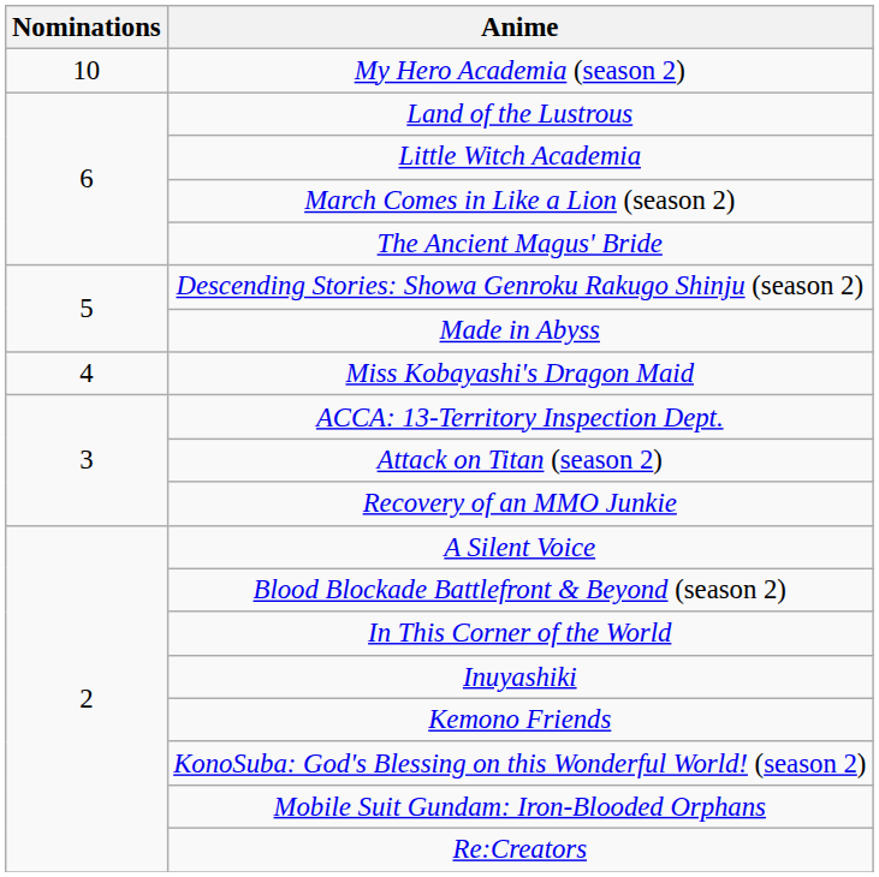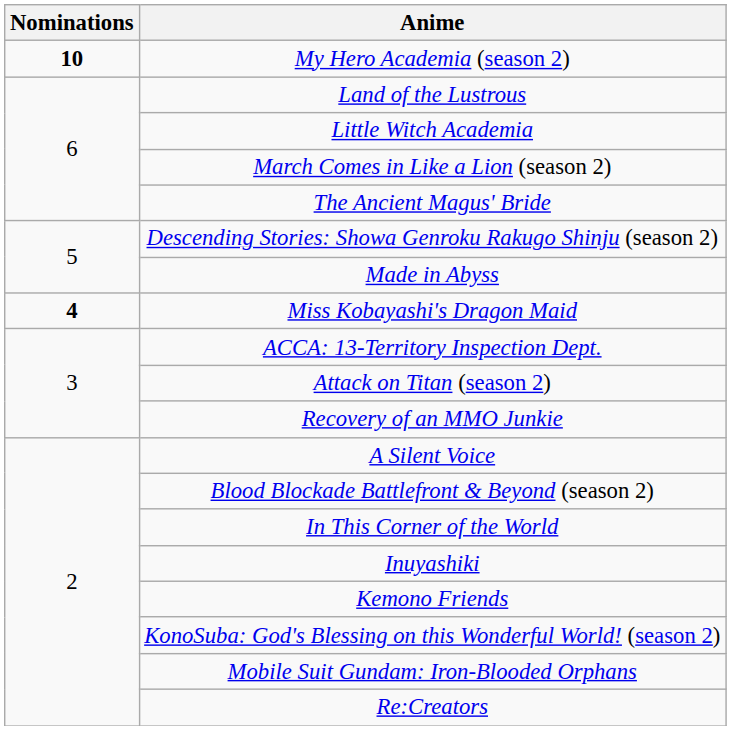 <table class="wikitable" style="text-align:center;">
 <tr>
 <th scope="col" width="55">Nominations</th>
 <th scope="col" align="center">Anime</th>
 </tr>
 <tr>
-<td>10</td>
+<td><strong>10</strong></td>
 <td><em><a href='#'>My Hero Academia</a></em> (<a href='#'>season 2</a>)</td>
 </tr>
 <tr>
 <td rowspan="4">6</td>
 <td><em><a href='#'>Land of the Lustrous</a></em></td>
 </tr>
 <tr>
 <td><em><a href='#'>Little Witch Academia</a></em></td>
 </tr>
 <tr>
 <td><em><a href='#'>March Comes in Like a Lion</a></em> (season 2)</td>
 </tr>
 <tr>
 <td><em><a href='#'>The Ancient Magus' Bride</a></em></td>
 </tr>
 <tr>
 <td rowspan = "2">5</td>
 <td><em><a href='#'>Descending Stories: Showa Genroku Rakugo Shinju</a></em> (season 2)</td>
 </tr>
 <tr>
 <td><em><a href='#'>Made in Abyss</a></em></td>
 </tr>
 <tr>
-<td>4</td>
+<td><strong>4</strong></td>
 <td><em><a href='#'>Miss Kobayashi's Dragon Maid</a></em></td>
 </tr>
 <tr>
 <td rowspan="3">3</td>
 <td><em><a href='#'>ACCA: 13-Territory Inspection Dept.</a></em></td>
 </tr>
 <tr>
 <td><em><a href='#'>Attack on Titan</a></em> (<a href='#'>season 2</a>)</td>
 </tr>
 <tr>
 <td><em><a href='#'>Recovery of an MMO Junkie</a></em></td>
 </tr>
 <tr>
 <td rowspan="8">2</td>
 <td><em><a href='#'>A Silent Voice</a></em></td>
 </tr>
 <tr>
 <td><em><a href='#'>Blood Blockade Battlefront & Beyond</a></em> (season 2)</td>
 </tr>
 <tr>
 <td><em><a href='#'>In This Corner of the World</a></em></td>
 </tr>
 <tr>
 <td><em><a href='#'>Inuyashiki</a></em></td>
 </tr>
 <tr>
 <td><em><a href='#'>Kemono Friends</a></em></td>
 </tr>
 <tr>
 <td><em><a href='#'>KonoSuba: God's Blessing on this Wonderful World!</a></em> (<a href='#'>season 2</a>)</td>
 </tr>
 <tr>
 <td><em><a href='#'>Mobile Suit Gundam: Iron-Blooded Orphans</a></em></td>
 </tr>
 <tr>
 <td><em><a href='#'>Re:Creators</a></em></td>
 </tr>
 </table>
